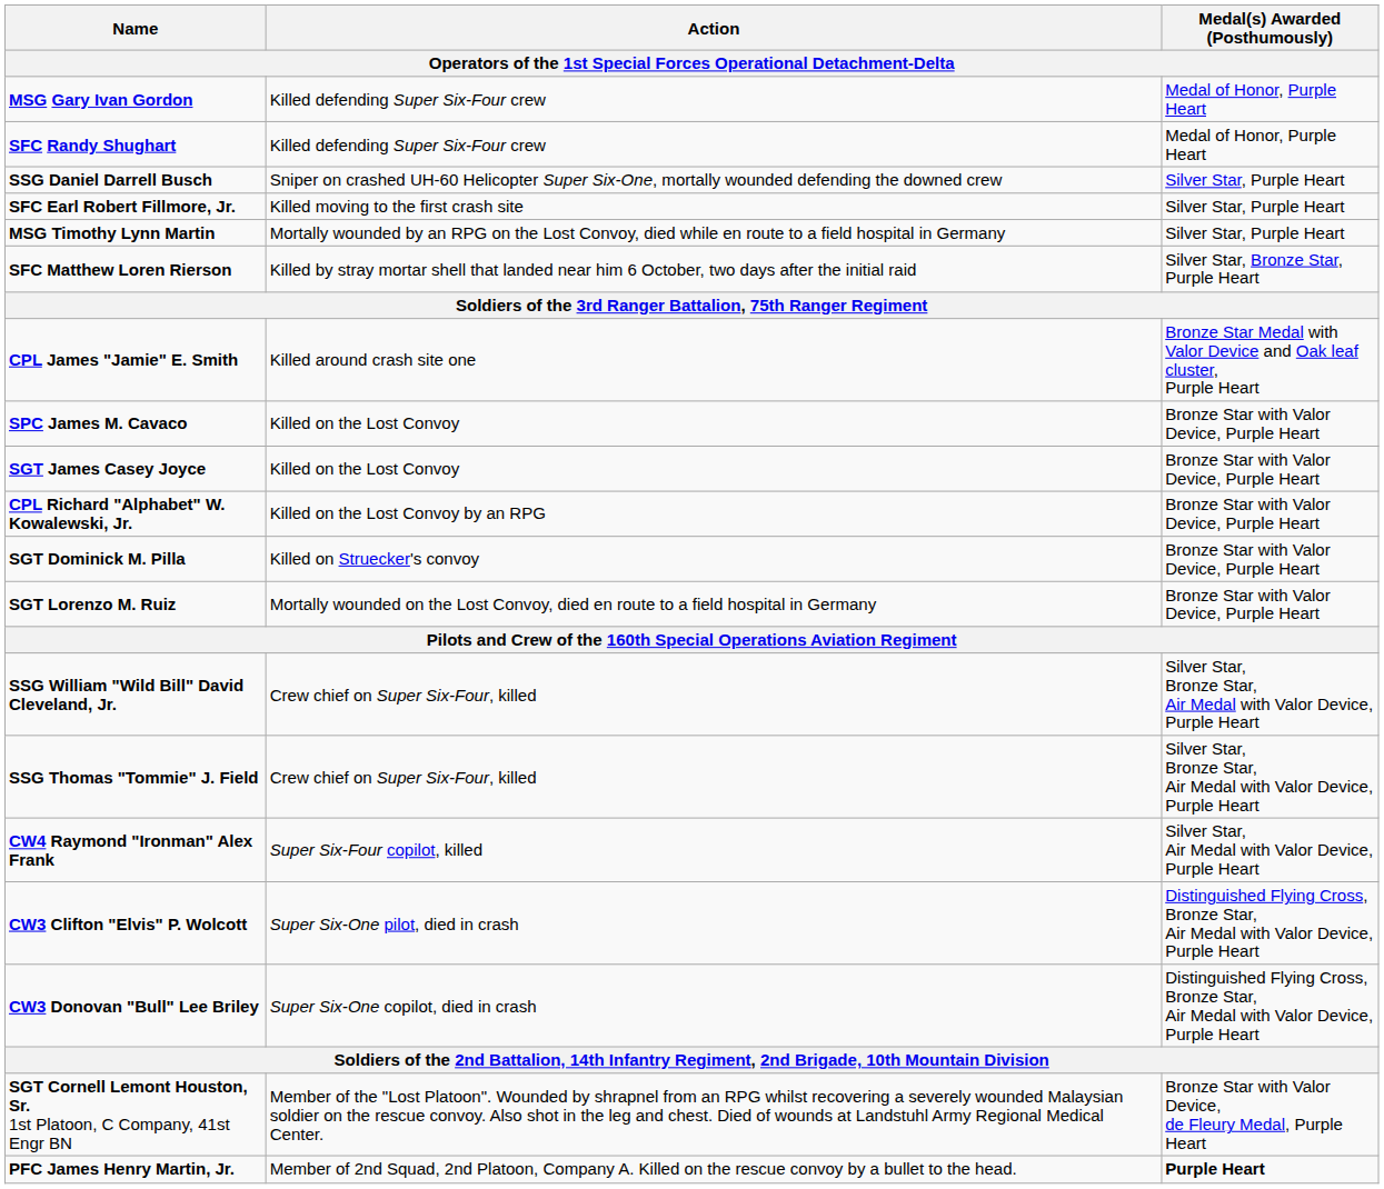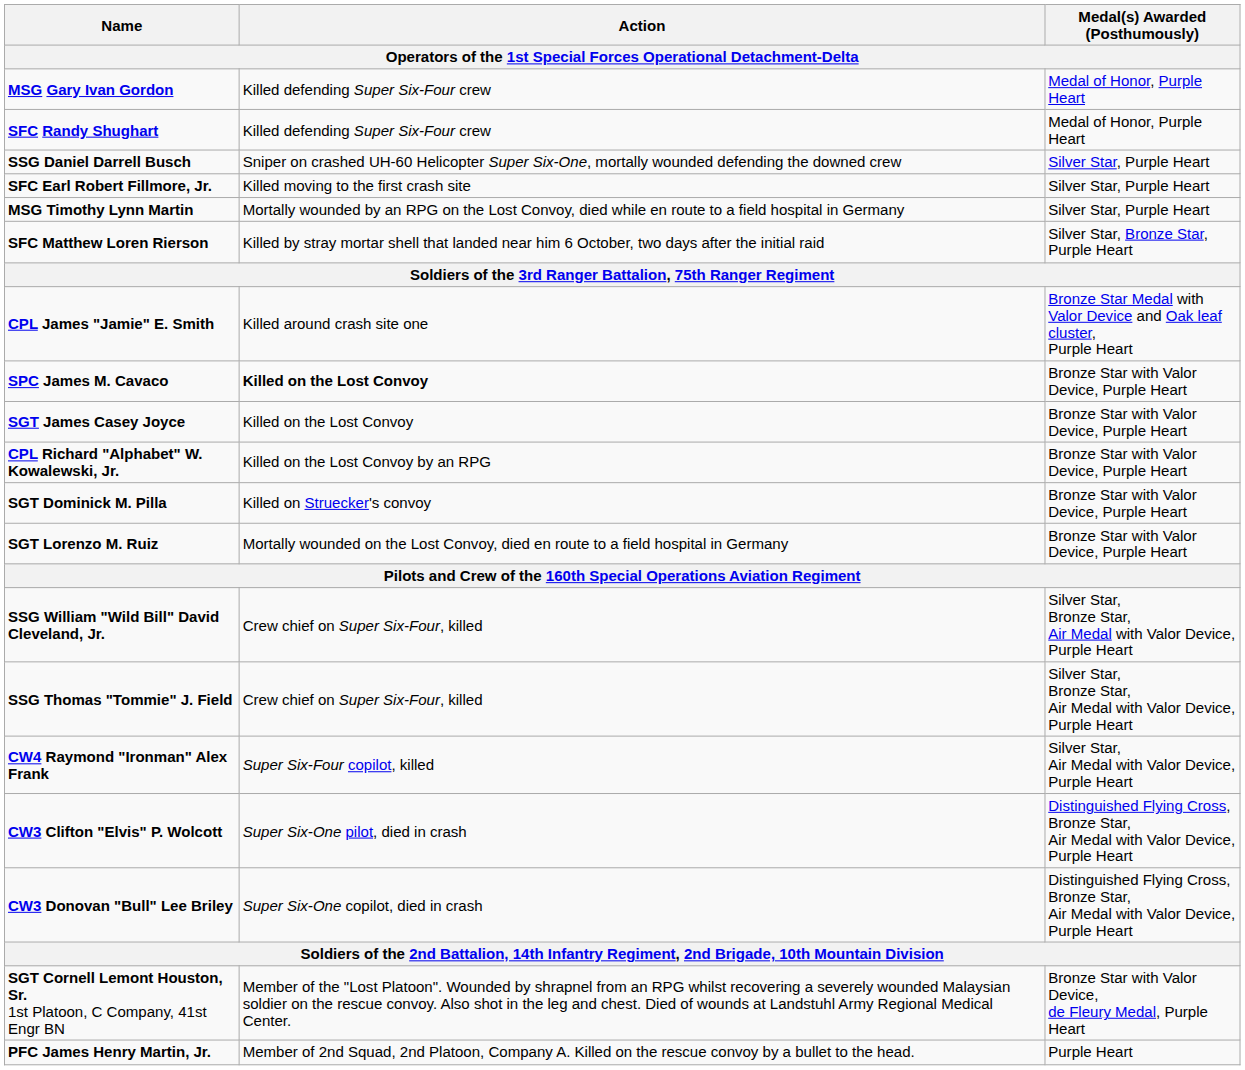 <table class="wikitable" style="font-size:95%;">
 <tr>
 <th style="width:230px;">Name</th>
 <th>Action</th>
 <th style="width:190px;">Medal(s) Awarded (Posthumously)</th>
 </tr>
 <tr>
 <th colspan="4">Operators of the <a href='#'>1st Special Forces Operational Detachment-Delta</a></th>
 </tr>
 <tr>
 <td><strong><a href='#'>MSG</a> <a href='#'>Gary Ivan Gordon</a></strong></td>
 <td>Killed defending <em>Super Six-Four</em> crew</td>
 <td><a href='#'>Medal of Honor</a>, <a href='#'>Purple Heart</a></td>
 </tr>
 <tr>
 <td><strong><a href='#'>SFC</a> <a href='#'>Randy Shughart</a></strong></td>
 <td>Killed defending <em>Super Six-Four</em> crew</td>
 <td>Medal of Honor, Purple Heart</td>
 </tr>
 <tr>
 <td><strong>SSG Daniel Darrell Busch</strong></td>
 <td>Sniper on crashed UH-60 Helicopter <em>Super Six-One</em>, mortally wounded defending the downed crew</td>
 <td><a href='#'>Silver Star</a>, Purple Heart</td>
 </tr>
 <tr>
 <td><strong>SFC Earl Robert Fillmore, Jr.</strong></td>
 <td>Killed moving to the first crash site</td>
 <td>Silver Star, Purple Heart</td>
 </tr>
 <tr>
 <td><strong>MSG Timothy Lynn Martin</strong></td>
 <td>Mortally wounded by an RPG on the Lost Convoy, died while en route to a field hospital in Germany</td>
 <td>Silver Star, Purple Heart</td>
 </tr>
 <tr>
 <td><strong>SFC Matthew Loren Rierson</strong></td>
 <td>Killed by stray mortar shell that landed near him 6 October, two days after the initial raid</td>
 <td>Silver Star, <a href='#'>Bronze Star</a>, Purple Heart</td>
 </tr>
 <tr>
 <th colspan="4">Soldiers of the <a href='#'>3rd Ranger Battalion</a>, <a href='#'>75th Ranger Regiment</a></th>
 </tr>
 <tr>
 <td><strong><a href='#'>CPL</a> James "Jamie" E. Smith</strong></td>
 <td>Killed around crash site one</td>
 <td><a href='#'>Bronze Star Medal</a> with <a href='#'>Valor Device</a> and <a href='#'>Oak leaf cluster</a>,<br>Purple Heart</td>
 </tr>
 <tr>
 <td><strong><a href='#'>SPC</a> James M. Cavaco</strong></td>
-<td>Killed on the Lost Convoy</td>
+<td><strong>Killed on the Lost Convoy</strong></td>
 <td>Bronze Star with Valor Device, Purple Heart</td>
 </tr>
 <tr>
 <td><strong><a href='#'>SGT</a> James Casey Joyce</strong></td>
 <td>Killed on the Lost Convoy</td>
 <td>Bronze Star with Valor Device, Purple Heart</td>
 </tr>
 <tr>
 <td><strong><a href='#'>CPL</a> Richard "Alphabet" W. Kowalewski, Jr.</strong></td>
 <td>Killed on the Lost Convoy by an RPG</td>
 <td>Bronze Star with Valor Device, Purple Heart</td>
 </tr>
 <tr>
 <td><strong>SGT Dominick M. Pilla</strong></td>
 <td>Killed on <a href='#'>Struecker</a>'s convoy</td>
 <td>Bronze Star with Valor Device, Purple Heart</td>
 </tr>
 <tr>
 <td><strong>SGT Lorenzo M. Ruiz</strong></td>
 <td>Mortally wounded on the Lost Convoy, died en route to a field hospital in Germany</td>
 <td>Bronze Star with Valor Device, Purple Heart</td>
 </tr>
 <tr>
 <th colspan="4">Pilots and Crew of the <a href='#'>160th Special Operations Aviation Regiment</a></th>
 </tr>
 <tr>
 <td><strong>SSG William "Wild Bill" David Cleveland, Jr.</strong></td>
 <td>Crew chief on <em>Super Six-Four</em>, killed</td>
 <td>Silver Star,<br>Bronze Star,<br><a href='#'>Air Medal</a> with Valor Device, Purple Heart</td>
 </tr>
 <tr>
 <td><strong>SSG Thomas "Tommie" J. Field</strong></td>
 <td>Crew chief on <em>Super Six-Four</em>, killed</td>
 <td>Silver Star,<br>Bronze Star,<br>Air Medal with Valor Device, Purple Heart</td>
 </tr>
 <tr>
 <td><strong><a href='#'>CW4</a> Raymond "Ironman" Alex Frank</strong></td>
 <td><em>Super Six-Four</em> <a href='#'>copilot</a>, killed</td>
 <td>Silver Star,<br>Air Medal with Valor Device, Purple Heart</td>
 </tr>
 <tr>
 <td><strong><a href='#'>CW3</a> Clifton "Elvis" P. Wolcott</strong></td>
 <td><em>Super Six-One</em> <a href='#'>pilot</a>, died in crash</td>
 <td><a href='#'>Distinguished Flying Cross</a>,<br>Bronze Star,<br>Air Medal with Valor Device, Purple Heart</td>
 </tr>
 <tr>
 <td><strong><a href='#'>CW3</a> Donovan "Bull" Lee Briley</strong></td>
 <td><em>Super Six-One</em> copilot, died in crash</td>
 <td>Distinguished Flying Cross,<br>Bronze Star,<br>Air Medal with Valor Device, Purple Heart</td>
 </tr>
 <tr>
 <th colspan="4">Soldiers of the <a href='#'>2nd Battalion, 14th Infantry Regiment</a>, <a href='#'>2nd Brigade, 10th Mountain Division</a></th>
 </tr>
 <tr>
 <td><strong>SGT Cornell Lemont Houston, Sr.</strong><br>1st Platoon, C Company, 41st Engr BN</td>
 <td>Member of the "Lost Platoon". Wounded by shrapnel from an RPG whilst recovering a severely wounded Malaysian soldier on the rescue convoy. Also shot in the leg and chest. Died of wounds at Landstuhl Army Regional Medical Center.</td>
 <td>Bronze Star with Valor Device,<br><a href='#'>de Fleury Medal</a>, Purple Heart</td>
 </tr>
 <tr>
 <td><strong>PFC James Henry Martin, Jr.</strong></td>
 <td>Member of 2nd Squad, 2nd Platoon, Company A. Killed on the rescue convoy by a bullet to the head.</td>
-<td><strong>Purple Heart</strong></td>
+<td>Purple Heart</td>
 </tr>
 </table>
